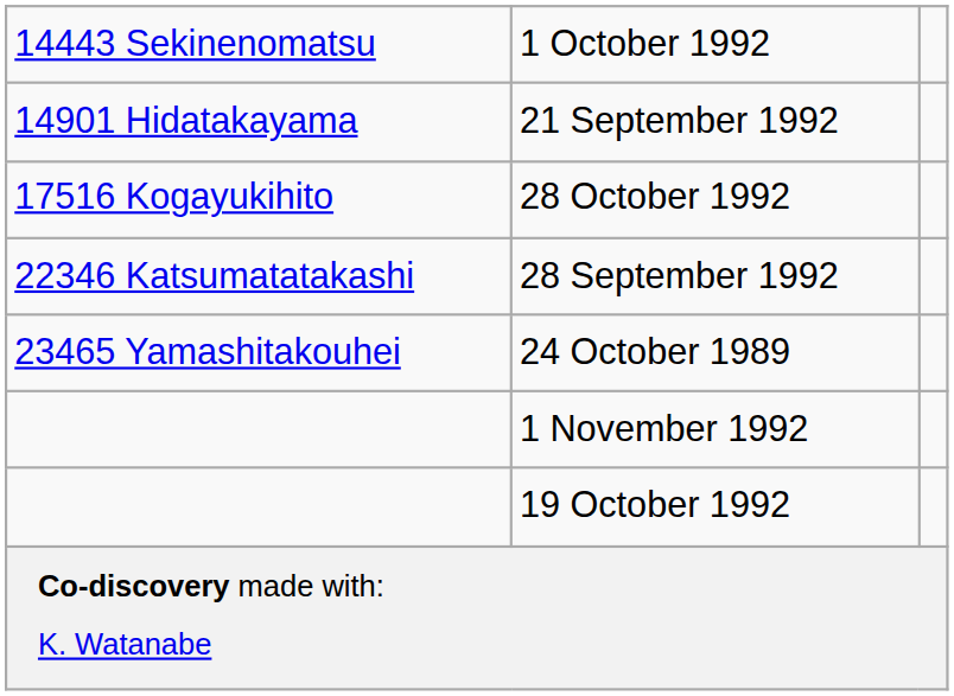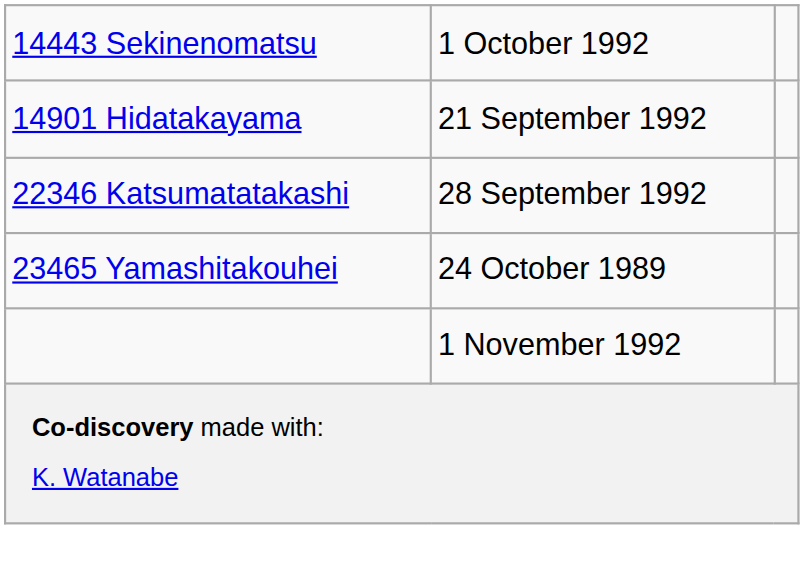 <table class="wikitable" style="font-size: 89%; float: left; width: 26em; margin-right: 1em; line-height: 1.65em !important; height: 242px;">
 <tr>
 <td><a href='#'>14443 Sekinenomatsu</a></td>
 <td>1 October 1992</td>
 <td> </td>
 </tr>
 <tr>
 <td><a href='#'>14901 Hidatakayama</a></td>
 <td>21 September 1992</td>
-<td> </td>
-</tr>
-<tr>
-<td><a href='#'>17516 Kogayukihito</a></td>
-<td>28 October 1992</td>
 <td> </td>
 </tr>
 <tr>
 <td><a href='#'>22346 Katsumatatakashi</a></td>
 <td>28 September 1992</td>
 <td> </td>
 </tr>
 <tr>
 <td><a href='#'>23465 Yamashitakouhei</a></td>
 <td>24 October 1989</td>
 <td> </td>
 </tr>
 <tr>
 <td></td>
 <td>1 November 1992</td>
 <td> </td>
 </tr>
 <tr>
-<td></td>
-<td>19 October 1992</td>
-<td> </td>
-</tr>
-<tr>
 <th colspan=3 style="font-size: smaller; font-weight: normal; text-align: left; padding: 4px 12px;"><strong>Co-discovery</strong> made with:<br> <a href='#'>K. Watanabe</a></th>
 </tr>
 </table>
